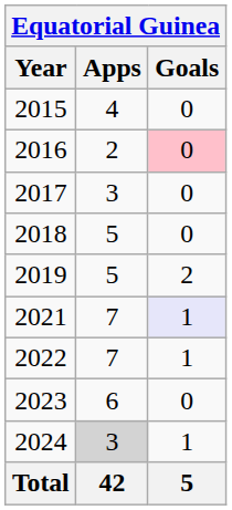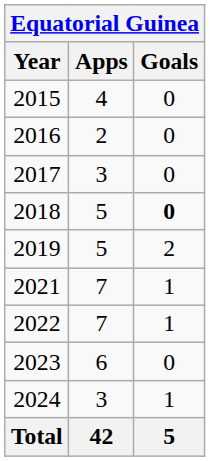 <table class="wikitable" style="text-align:center">
 <tr>
 <th colspan=3><a href='#'>Equatorial Guinea</a></th>
 </tr>
 <tr>
 <th>Year</th>
 <th>Apps</th>
 <th>Goals</th>
 </tr>
 <tr>
 <td>2015</td>
 <td>4</td>
 <td>0</td>
 </tr>
 <tr>
 <td>2016</td>
 <td>2</td>
-<td style="background: pink;">0</td>
+<td>0</td>
 </tr>
 <tr>
 <td>2017</td>
 <td>3</td>
 <td>0</td>
 </tr>
 <tr>
 <td>2018</td>
 <td>5</td>
-<td>0</td>
+<td><strong>0</strong></td>
 </tr>
 <tr>
 <td>2019</td>
 <td>5</td>
 <td>2</td>
 </tr>
 <tr>
 <td>2021</td>
 <td>7</td>
-<td style="background: lavender;">1</td>
+<td>1</td>
 </tr>
 <tr>
 <td>2022</td>
 <td>7</td>
 <td>1</td>
 </tr>
 <tr>
 <td>2023</td>
 <td>6</td>
 <td>0</td>
 </tr>
 <tr>
 <td>2024</td>
-<td style="background: lightgrey;">3</td>
+<td>3</td>
 <td>1</td>
 </tr>
 <tr>
 <th>Total</th>
 <th>42</th>
 <th>5</th>
 </tr>
 </table>
